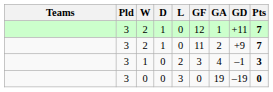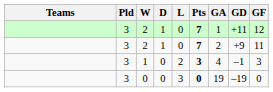 <table class="wikitable" style="text-align: center;">
 <tr>
 <th width=165>Teams</th>
 <th width=20>Pld</th>
 <th width=20>W</th>
 <th width=20>D</th>
 <th width=20>L</th>
-<th width=20>GF</th>
+<th width=20>Pts</th>
 <th width=20>GA</th>
 <th width=20>GD</th>
-<th width=20>Pts</th>
+<th width=20>GF</th>
 </tr>
 <tr align=center style="background:#ccffcc;">
 <td style="text-align:left;"></td>
 <td>3</td>
 <td>2</td>
 <td>1</td>
 <td>0</td>
-<td>12</td>
+<td><strong>7</strong></td>
 <td>1</td>
 <td>+11</td>
-<td><strong>7</strong></td>
+<td>12</td>
 </tr>
 <tr align=center>
 <td style="text-align:left;"></td>
 <td>3</td>
 <td>2</td>
 <td>1</td>
 <td>0</td>
-<td>11</td>
+<td><strong>7</strong></td>
 <td>2</td>
 <td>+9</td>
-<td><strong>7</strong></td>
+<td>11</td>
 </tr>
 <tr align=center>
 <td style="text-align:left;"></td>
 <td>3</td>
 <td>1</td>
 <td>0</td>
 <td>2</td>
-<td>3</td>
+<td><strong>3</strong></td>
 <td>4</td>
 <td>–1</td>
-<td><strong>3</strong></td>
+<td>3</td>
 </tr>
 <tr align=center>
 <td style="text-align:left;"></td>
 <td>3</td>
 <td>0</td>
 <td>0</td>
 <td>3</td>
-<td>0</td>
+<td><strong>0</strong></td>
 <td>19</td>
 <td>–19</td>
-<td><strong>0</strong></td>
+<td>0</td>
 </tr>
 </table>
